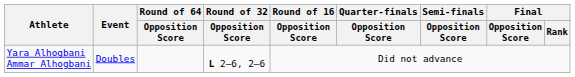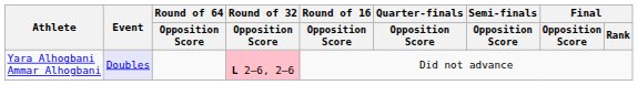 <table class=wikitable style="font-size:90%; text-align:center;">
 <tr>
 <th rowspan="2">Athlete</th>
 <th rowspan="2">Event</th>
 <th>Round of 64</th>
 <th>Round of 32</th>
 <th>Round of 16</th>
 <th>Quarter-finals</th>
 <th>Semi-finals</th>
 <th colspan=2>Final</th>
 </tr>
 <tr style="font-size:95%">
 <th>Opposition<br>Score</th>
 <th>Opposition<br>Score</th>
 <th>Opposition<br>Score</th>
 <th>Opposition<br>Score</th>
 <th>Opposition<br>Score</th>
 <th>Opposition<br>Score</th>
 <th>Rank</th>
 </tr>
 <tr>
 <td align=left><a href='#'>Yara Alhogbani</a><br><a href='#'>Ammar Alhogbani</a></td>
-<td align=left><a href='#'>Doubles</a></td>
+<td align=left style="background: lavender;"><a href='#'>Doubles</a></td>
 <td></td>
-<td><br><strong>L</strong> 2–6, 2–6</td>
+<td style="background: pink;"><br><strong>L</strong> 2–6, 2–6</td>
 <td colspan=5>Did not advance</td>
 </tr>
 </table>
